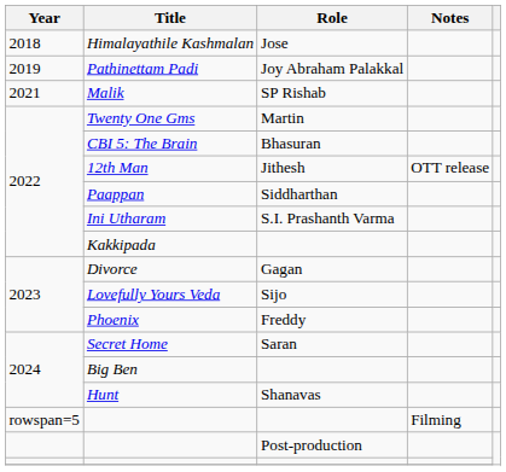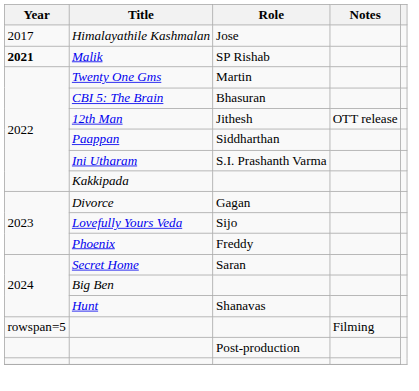 <table class="wikitable sortable">
 <tr>
 <th>Year</th>
 <th>Title</th>
 <th>Role</th>
 <th class="unsortable">Notes</th>
 <th></th>
 </tr>
 <tr>
-<td>2018</td>
+<td>2017</td>
 <td><em>Himalayathile Kashmalan</em></td>
 <td>Jose</td>
 <td></td>
 <td></td>
 </tr>
 <tr>
-<td>2019</td>
-<td><em><a href='#'>Pathinettam Padi</a></em></td>
-<td>Joy Abraham Palakkal</td>
-<td></td>
-<td></td>
-</tr>
-<tr>
-<td>2021</td>
+<td><strong>2021</strong></td>
 <td><em><a href='#'>Malik</a></em></td>
 <td>SP Rishab</td>
 <td></td>
 <td></td>
 </tr>
 <tr>
 <td rowspan=6>2022</td>
 <td><em><a href='#'>Twenty One Gms</a></em></td>
 <td>Martin</td>
 <td></td>
 <td></td>
 </tr>
 <tr>
 <td><em><a href='#'>CBI 5: The Brain</a></em></td>
 <td>Bhasuran</td>
 <td></td>
 <td></td>
 </tr>
 <tr>
 <td><em><a href='#'>12th Man</a></em></td>
 <td>Jithesh</td>
 <td>OTT release</td>
 <td></td>
 </tr>
 <tr>
 <td><em><a href='#'>Paappan</a></em></td>
 <td>Siddharthan</td>
 <td></td>
 <td></td>
 </tr>
 <tr>
 <td><em><a href='#'>Ini Utharam</a></em></td>
 <td>S.I. Prashanth Varma</td>
 <td></td>
 <td></td>
 </tr>
 <tr>
 <td><em>Kakkipada</em></td>
 <td></td>
 <td></td>
 <td></td>
 </tr>
 <tr>
 <td rowspan=3>2023</td>
 <td><em>Divorce</em></td>
 <td>Gagan</td>
 <td></td>
 <td></td>
 </tr>
 <tr>
 <td><em><a href='#'>Lovefully Yours Veda</a></em></td>
 <td>Sijo</td>
 <td></td>
 <td></td>
 </tr>
 <tr>
 <td><em><a href='#'>Phoenix</a></em></td>
 <td>Freddy</td>
 <td></td>
 <td></td>
 </tr>
 <tr>
 <td rowspan=3>2024</td>
 <td><em><a href='#'>Secret Home</a></em></td>
 <td>Saran</td>
 <td></td>
 <td></td>
 </tr>
 <tr>
 <td><em>Big Ben</em></td>
 <td></td>
 <td></td>
 <td></td>
 </tr>
 <tr>
 <td><em><a href='#'>Hunt</a></em></td>
 <td>Shanavas</td>
 <td></td>
 <td></td>
 </tr>
 <tr>
 <td>rowspan=5 </td>
 <td></td>
 <td></td>
 <td>Filming</td>
 <td></td>
 </tr>
 <tr>
 <td></td>
 <td></td>
 <td>Post-production</td>
 <td></td>
 </tr>
 <tr>
 <td></td>
 <td></td>
 <td></td>
 <td></td>
 </tr>
 <tr>
 </tr>
 </table>
